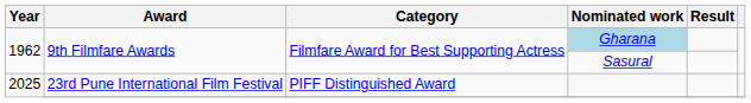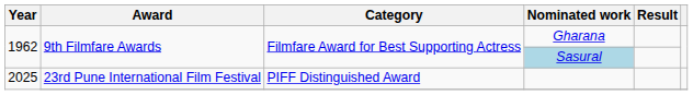 <table class="wikitable">
 <tr>
 <th>Year</th>
 <th>Award</th>
 <th>Category</th>
 <th>Nominated work</th>
 <th>Result</th>
 <th></th>
 </tr>
 <tr>
 <td style="text-align:center;" rowspan="2">1962</td>
 <td rowspan="2"><a href='#'>9th Filmfare Awards</a></td>
 <td rowspan="2"><a href='#'>Filmfare Award for Best Supporting Actress</a></td>
-<td style="background: lightblue; text-align:center;"><em><a href='#'>Gharana</a></em></td>
+<td style="text-align:center;"><em><a href='#'>Gharana</a></em></td>
 <td></td>
 <td rowspan="2"></td>
 </tr>
 <tr>
-<td style="text-align:center;"><em><a href='#'>Sasural</a></em></td>
+<td style="background: lightblue; text-align:center;"><em><a href='#'>Sasural</a></em></td>
 <td></td>
 </tr>
 <tr>
 <td style="text-align:center;" rowspan="2">2025</td>
 <td><a href='#'>23rd Pune International Film Festival</a></td>
 <td><a href='#'>PIFF Distinguished Award</a></td>
 <td></td>
 <td></td>
 <td></td>
 </tr>
 <tr>
 </tr>
 </table>
